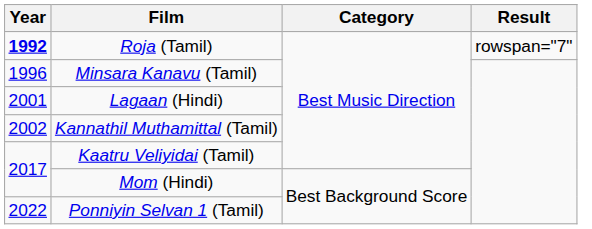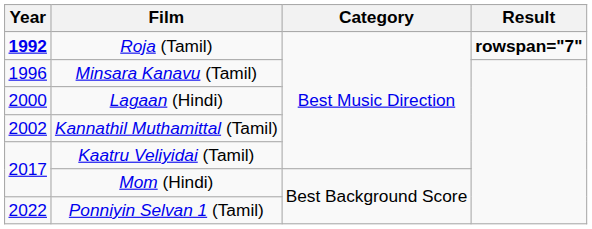 <table class="wikitable">
 <tr>
 <th>Year</th>
 <th>Film</th>
 <th>Category</th>
 <th>Result</th>
 </tr>
 <tr>
 <td style="text-align:center;"><strong><a href='#'>1992</a></strong></td>
 <td style="text-align:center;"><em><a href='#'>Roja</a></em> (Tamil)</td>
 <td style="text-align:center;" rowspan="5"><a href='#'>Best Music Direction</a></td>
-<td>rowspan="7" </td>
+<td><strong>rowspan="7" </strong></td>
 </tr>
 <tr>
 <td style="text-align:center;"><a href='#'>1996</a></td>
 <td style="text-align:center;"><em><a href='#'>Minsara Kanavu</a></em> (Tamil)</td>
 </tr>
 <tr>
-<td style="text-align:center;"><a href='#'>2001</a></td>
+<td style="text-align:center;"><a href='#'>2000</a></td>
 <td style="text-align:center;"><em><a href='#'>Lagaan</a></em> (Hindi)</td>
 </tr>
 <tr>
 <td style="text-align:center;"><a href='#'>2002</a></td>
 <td style="text-align:center;"><em><a href='#'>Kannathil Muthamittal</a></em> (Tamil)</td>
 </tr>
 <tr>
 <td rowspan="2" style="text-align:center;"><a href='#'>2017</a></td>
 <td style="text-align:center;"><em><a href='#'>Kaatru Veliyidai</a></em> (Tamil)</td>
 </tr>
 <tr>
 <td style="text-align:center;"><em><a href='#'>Mom</a></em> (Hindi)</td>
 <td rowspan="2" style="text-align:center;">Best Background Score</td>
 </tr>
 <tr>
 <td rowspan="1" style="text-align:center;"><a href='#'>2022</a></td>
 <td style="text-align:center;"><em><a href='#'>Ponniyin Selvan 1</a></em> (Tamil)</td>
 </tr>
 </table>
